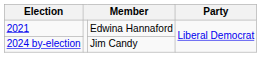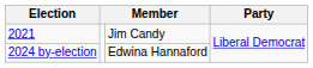 <table class="wikitable">
 <tr>
 <th>Election</th>
 <th colspan="2">Member</th>
 <th>Party</th>
 </tr>
 <tr>
 <td><a href='#'>2021</a></td>
 <td rowspan="2" style="background-color: "></td>
-<td>Edwina Hannaford</td>
+<td>Jim Candy</td>
 <td rowspan="2"><a href='#'>Liberal Democrat</a></td>
 </tr>
 <tr>
 <td><a href='#'>2024 by-election</a></td>
-<td>Jim Candy</td>
+<td>Edwina Hannaford</td>
 </tr>
 </table>
